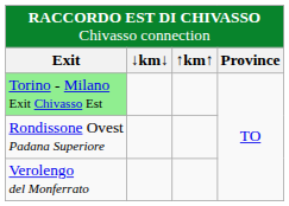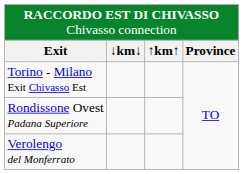 <table class="wikitable">
 <tr>
 </tr>
 <tr align="center" style="color: white;font-size:100%;" bgcolor="#08842c">
 <td colspan="6"> <strong>RACCORDO EST DI CHIVASSO</strong><br>Chivasso connection</td>
 </tr>
 <tr>
 <th><strong>Exit</strong></th>
 <th align="center"><strong>↓km↓</strong></th>
 <th align="center"><strong>↑km↑</strong></th>
 <th align="center"><strong>Province</strong></th>
 </tr>
 <tr>
-<td style="background: lightgreen;">  <a href='#'>Torino</a> - <a href='#'>Milano</a><br><small>Exit <a href='#'>Chivasso</a> Est</small></td>
+<td>  <a href='#'>Torino</a> - <a href='#'>Milano</a><br><small>Exit <a href='#'>Chivasso</a> Est</small></td>
 <td align="right"></td>
 <td align="right"></td>
 <td align="center" rowspan="3"><a href='#'>TO</a></td>
 </tr>
 <tr>
 <td> <a href='#'>Rondissone</a> Ovest<br><small> <em>Padana Superiore</em></small></td>
 <td align="right"></td>
 <td align="right"></td>
 </tr>
 <tr>
 <td> <a href='#'>Verolengo</a><br><small> <em>del Monferrato</em></small></td>
 <td align="right"></td>
 <td align="right"></td>
 </tr>
 </table>
